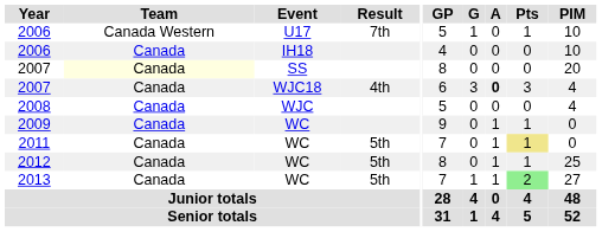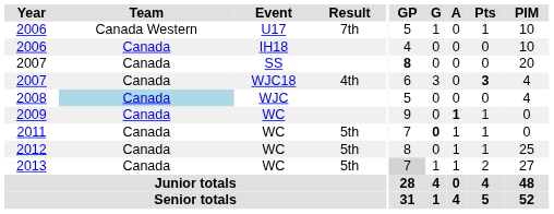 <table border="0" cellpadding="1" cellspacing="0" ID="Table3" style="text-align:center; width:40em">
 <tr ALIGN="centre" bgcolor="#e0e0e0">
 <th>Year</th>
 <th>Team</th>
 <th>Event</th>
 <th>Result</th>
 <th rowspan="99" bgcolor="#ffffff"></th>
 <th>GP</th>
 <th>G</th>
 <th>A</th>
 <th>Pts</th>
 <th>PIM</th>
 </tr>
 <tr>
 <td><a href='#'>2006</a></td>
 <td>Canada Western</td>
 <td><a href='#'>U17</a></td>
 <td>7th</td>
 <td>5</td>
 <td>1</td>
 <td>0</td>
 <td>1</td>
 <td>10</td>
 </tr>
 <tr bgcolor="#f0f0f0">
 <td><a href='#'>2006</a></td>
 <td><a href='#'>Canada</a></td>
 <td><a href='#'>IH18</a></td>
 <td></td>
 <td>4</td>
 <td>0</td>
 <td>0</td>
 <td>0</td>
 <td>10</td>
 </tr>
 <tr>
 <td>2007</td>
-<td style="background: lightyellow;">Canada</td>
+<td>Canada</td>
 <td><a href='#'>SS</a></td>
 <td></td>
-<td>8</td>
+<td><strong>8</strong></td>
 <td>0</td>
 <td>0</td>
 <td>0</td>
 <td>20</td>
 </tr>
 <tr bgcolor="#f0f0f0">
 <td><a href='#'>2007</a></td>
 <td>Canada</td>
 <td><a href='#'>WJC18</a></td>
 <td>4th</td>
 <td>6</td>
 <td>3</td>
-<td><strong>0</strong></td>
-<td>3</td>
+<td>0</td>
+<td><strong>3</strong></td>
 <td>4</td>
 </tr>
 <tr>
 <td><a href='#'>2008</a></td>
-<td><a href='#'>Canada</a></td>
+<td style="background: lightblue;"><a href='#'>Canada</a></td>
 <td><a href='#'>WJC</a></td>
 <td></td>
 <td>5</td>
 <td>0</td>
 <td>0</td>
 <td>0</td>
 <td>4</td>
 </tr>
 <tr bgcolor="#f0f0f0">
 <td><a href='#'>2009</a></td>
 <td><a href='#'>Canada</a></td>
 <td><a href='#'>WC</a></td>
 <td></td>
 <td>9</td>
 <td>0</td>
-<td>1</td>
+<td><strong>1</strong></td>
 <td>1</td>
 <td>0</td>
 </tr>
 <tr>
 <td><a href='#'>2011</a></td>
 <td>Canada</td>
 <td>WC</td>
 <td>5th</td>
 <td>7</td>
-<td>0</td>
+<td><strong>0</strong></td>
 <td>1</td>
-<td style="background: khaki;">1</td>
+<td>1</td>
 <td>0</td>
 </tr>
 <tr bgcolor="#f0f0f0">
 <td><a href='#'>2012</a></td>
 <td>Canada</td>
 <td>WC</td>
 <td>5th</td>
 <td>8</td>
 <td>0</td>
 <td>1</td>
 <td>1</td>
 <td>25</td>
 </tr>
 <tr>
 <td><a href='#'>2013</a></td>
 <td>Canada</td>
 <td>WC</td>
 <td>5th</td>
-<td>7</td>
+<td style="background: lightgrey;">7</td>
 <td>1</td>
 <td>1</td>
-<td style="background: lightgreen;">2</td>
+<td>2</td>
 <td>27</td>
 </tr>
 <tr bgcolor="#e0e0e0">
 <th colspan=4>Junior totals</th>
 <th>28</th>
 <th>4</th>
 <th>0</th>
 <th>4</th>
 <th>48</th>
 </tr>
 <tr bgcolor="#e0e0e0">
 <th colspan=4>Senior totals</th>
 <th>31</th>
 <th>1</th>
 <th>4</th>
 <th>5</th>
 <th>52</th>
 </tr>
 </table>
